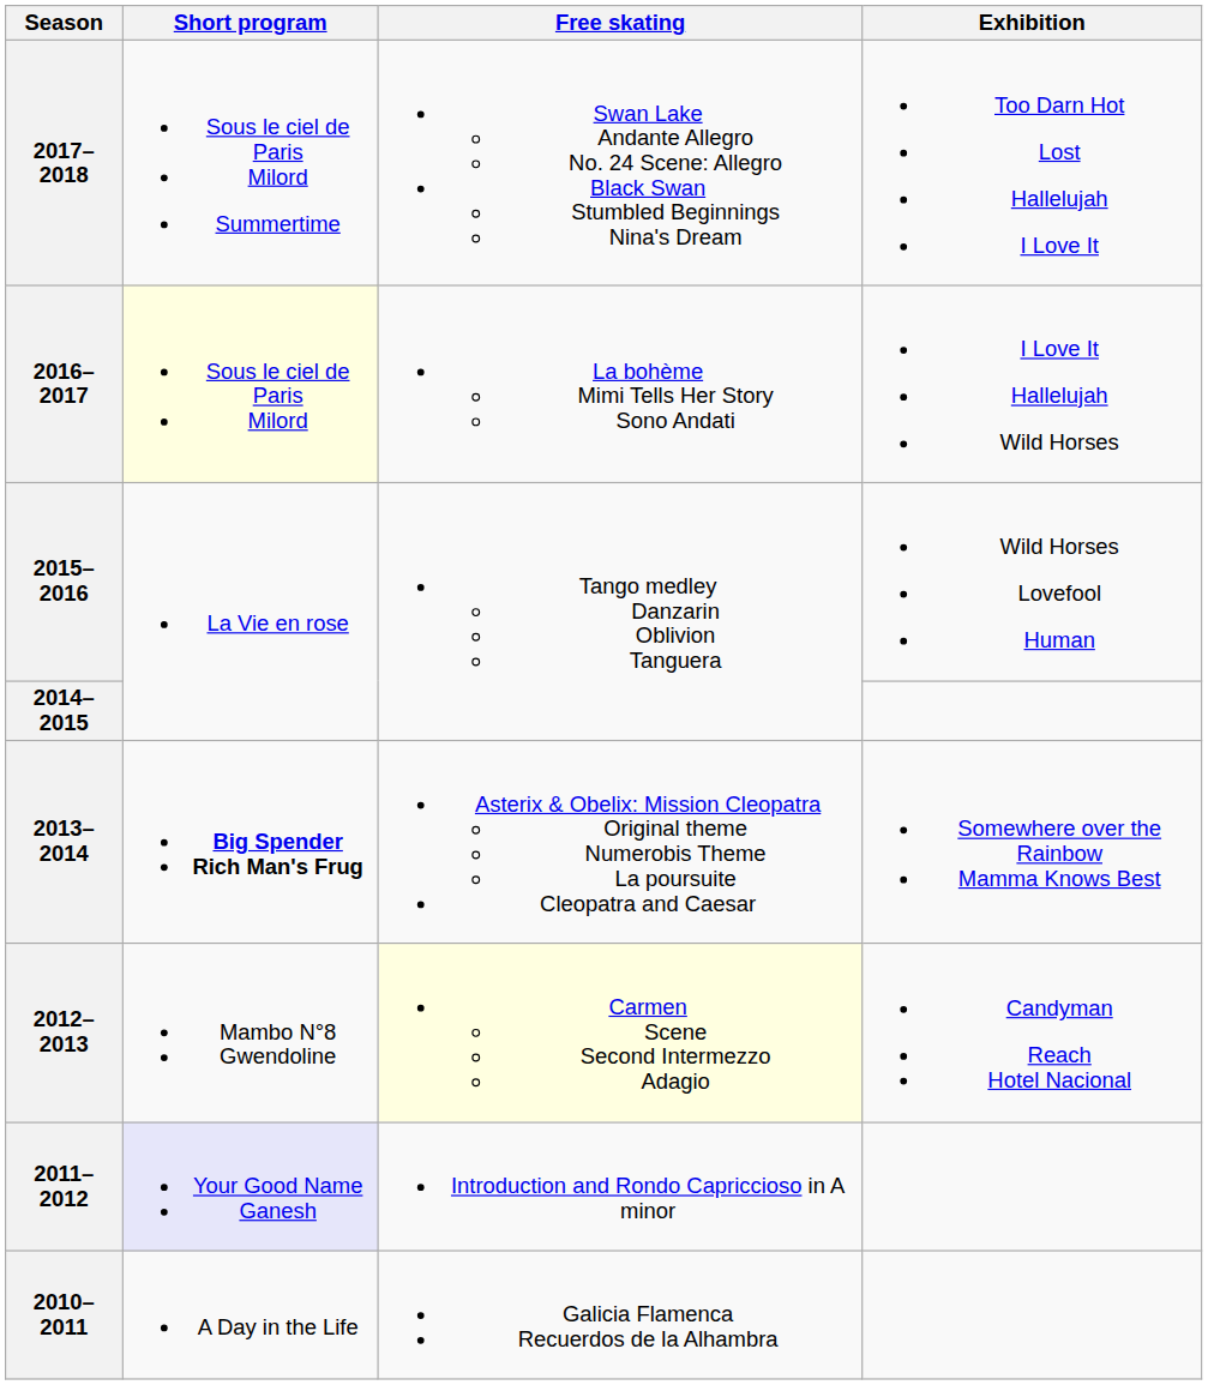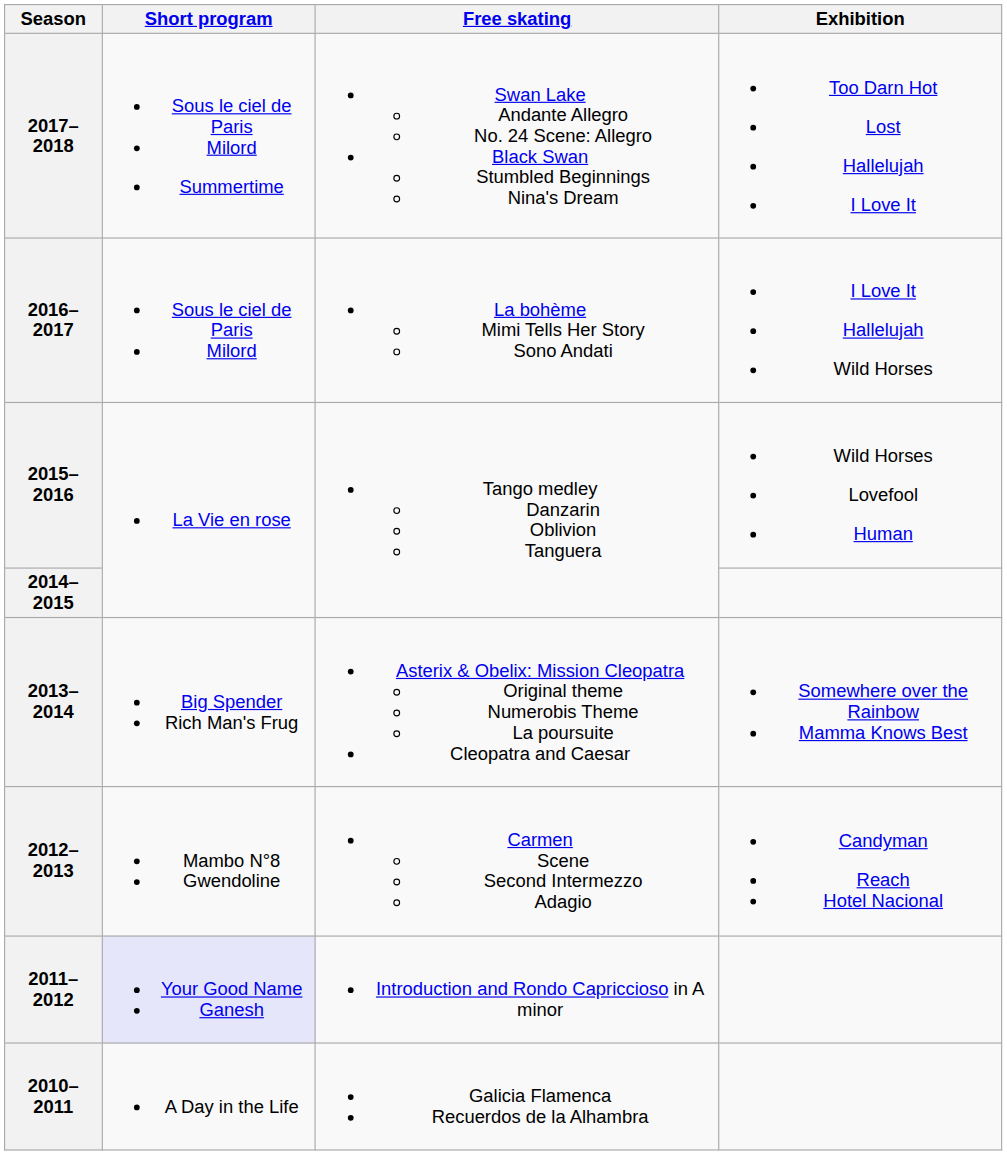 <table class="wikitable" style="text-align:center">
 <tr>
 <th>Season</th>
 <th><a href='#'>Short program</a></th>
 <th><a href='#'>Free skating</a></th>
 <th>Exhibition</th>
 </tr>
 <tr>
 <th>2017–2018 <br> </th>
 <td><br><ul><li><a href='#'>Sous le ciel de Paris</a></li><li><a href='#'>Milord</a> <br></li></ul><ul><li><a href='#'>Summertime</a> <br></li></ul></td>
 <td><br><ul><li><a href='#'>Swan Lake</a> <br> <ul><li>Andante Allegro</li><li>No. 24 Scene: Allegro</li></ul></li><li><a href='#'>Black Swan</a> <br> <ul><li>Stumbled Beginnings</li><li>Nina's Dream</li></ul></li></ul></td>
 <td><br><ul><li><a href='#'>Too Darn Hot</a> <br></li></ul><ul><li><a href='#'>Lost</a> <br></li></ul><ul><li><a href='#'>Hallelujah</a> <br></li></ul><ul><li><a href='#'>I Love It</a> <br></li></ul></td>
 </tr>
 <tr>
 <th>2016–2017 <br> </th>
-<td style="background: lightyellow;"><br><ul><li><a href='#'>Sous le ciel de Paris</a></li><li><a href='#'>Milord</a> <br></li></ul></td>
+<td><br><ul><li><a href='#'>Sous le ciel de Paris</a></li><li><a href='#'>Milord</a> <br></li></ul></td>
 <td><br><ul><li><a href='#'>La bohème</a> <br><ul><li>Mimi Tells Her Story <br></li><li>Sono Andati</li></ul></li></ul></td>
 <td><br><ul><li><a href='#'>I Love It</a> <br></li></ul><ul><li><a href='#'>Hallelujah</a> <br></li></ul><ul><li>Wild Horses <br></li></ul></td>
 </tr>
 <tr>
 <th>2015–2016 <br> </th>
 <td rowspan=2><br><ul><li><a href='#'>La Vie en rose</a> <br></li></ul></td>
 <td rowspan=2><br><ul><li>Tango medley <br><ul><li>Danzarin</li><li>Oblivion</li><li>Tanguera</li></ul></li></ul></td>
 <td><br><ul><li>Wild Horses <br></li></ul><ul><li>Lovefool <br></li></ul><ul><li><a href='#'>Human</a> <br></li></ul></td>
 </tr>
 <tr>
 <th>2014–2015 <br> </th>
 </tr>
 <tr>
 <th>2013–2014 <br> </th>
-<td><strong><br><ul><li><a href='#'>Big Spender</a></li><li>Rich Man's Frug <br></li></ul></strong></td>
+<td><br><ul><li><a href='#'>Big Spender</a></li><li>Rich Man's Frug <br></li></ul></td>
 <td><br><ul><li><a href='#'>Asterix & Obelix: Mission Cleopatra</a> <br><ul><li>Original theme</li><li>Numerobis Theme</li><li>La poursuite</li></ul></li><li>Cleopatra and Caesar <br></li></ul></td>
 <td><br><ul><li><a href='#'>Somewhere over the Rainbow</a> <br></li><li><a href='#'>Mamma Knows Best</a> <br></li></ul></td>
 </tr>
 <tr>
 <th>2012–2013 <br> </th>
 <td><br><ul><li>Mambo N°8</li><li>Gwendoline <br></li></ul></td>
-<td style="background: lightyellow;"><br><ul><li><a href='#'>Carmen</a> <br><ul><li>Scene</li><li>Second Intermezzo</li><li>Adagio</li></ul></li></ul></td>
+<td><br><ul><li><a href='#'>Carmen</a> <br><ul><li>Scene</li><li>Second Intermezzo</li><li>Adagio</li></ul></li></ul></td>
 <td><br><ul><li><a href='#'>Candyman</a> <br></li></ul><ul><li><a href='#'>Reach</a></li><li><a href='#'>Hotel Nacional</a> <br></li></ul></td>
 </tr>
 <tr>
 <th>2011–2012 <br> </th>
 <td style="background: lavender;"><br><ul><li><a href='#'>Your Good Name</a> <br></li><li><a href='#'>Ganesh</a> <br></li></ul></td>
 <td><br><ul><li><a href='#'>Introduction and Rondo Capriccioso</a> in A minor <br></li></ul></td>
 <td></td>
 </tr>
 <tr>
 <th>2010–2011 <br> </th>
 <td><br><ul><li>A Day in the Life <br></li></ul></td>
 <td><br><ul><li>Galicia Flamenca</li><li>Recuerdos de la Alhambra <br></li></ul></td>
 <td></td>
 </tr>
 </table>
